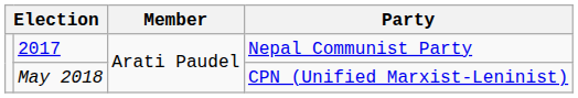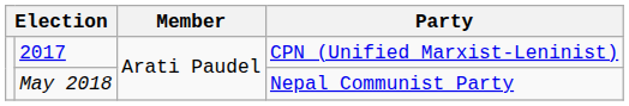 <table class="wikitable">
 <tr>
 <th colspan="2">Election</th>
 <th>Member</th>
 <th>Party</th>
 </tr>
 <tr>
 <td rowspan="2" style="background-color:"></td>
 <td><a href='#'>2017</a></td>
 <td rowspan="2">Arati Paudel</td>
-<td><a href='#'>Nepal Communist Party</a></td>
+<td><a href='#'>CPN (Unified Marxist-Leninist)</a></td>
 </tr>
 <tr>
 <td><em>May 2018</em></td>
-<td><a href='#'>CPN (Unified Marxist-Leninist)</a></td>
+<td><a href='#'>Nepal Communist Party</a></td>
 </tr>
 </table>
